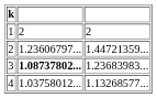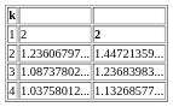 <table border=1>
 <tr>
 <th>k</th>
 <th></th>
 <th></th>
 </tr>
 <tr>
 <td>1</td>
 <td>2</td>
-<td>2</td>
+<td><strong>2</strong></td>
 </tr>
 <tr>
 <td>2</td>
 <td>1.23606797...</td>
 <td>1.44721359...</td>
 </tr>
 <tr>
 <td>3</td>
-<td><strong>1.08737802...</strong></td>
+<td>1.08737802...</td>
 <td>1.23683983...</td>
 </tr>
 <tr>
 <td>4</td>
 <td>1.03758012...</td>
 <td>1.13268577...</td>
 </tr>
 </table>
